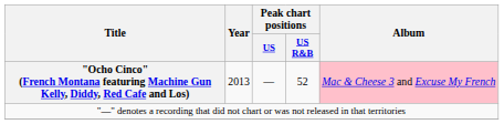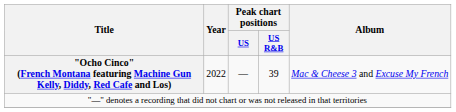 <table class="wikitable plainrowheaders" style="text-align:center;">
 <tr>
 <th scope="col" rowspan="2" style="width:20em;">Title</th>
 <th scope="col" rowspan="2">Year</th>
 <th scope="col" colspan="2">Peak chart positions</th>
 <th scope="col" rowspan="2">Album</th>
 </tr>
 <tr>
 <th style="width:3em;font-size:90%;"><a href='#'>US</a></th>
 <th style="width:3em;font-size:90%;"><a href='#'>US<br>R&B</a><br></th>
 </tr>
 <tr>
 <th scope="row">"Ocho Cinco"<br><span>(<a href='#'>French Montana</a> featuring <a href='#'>Machine Gun Kelly</a>, <a href='#'>Diddy</a>, <a href='#'>Red Cafe</a> and Los)</span></th>
-<td>2013</td>
+<td>2022</td>
 <td>—</td>
-<td>52</td>
-<td style="background: pink;"><em><a href='#'>Mac & Cheese 3</a></em> and <em><a href='#'>Excuse My French</a></em></td>
+<td>39</td>
+<td><em><a href='#'>Mac & Cheese 3</a></em> and <em><a href='#'>Excuse My French</a></em></td>
 </tr>
 <tr>
 <td colspan="5" style="font-size:90%">"—" denotes a recording that did not chart or was not released in that territories</td>
 </tr>
 <tr>
 </tr>
 </table>
